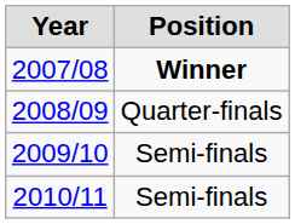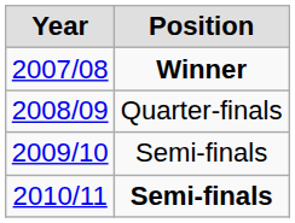 <table class="wikitable">
 <tr style="text-align:center; background:#dfdfdf;">
 <td><strong>Year</strong></td>
 <td><strong>Position</strong></td>
 </tr>
 <tr style="text-align:center;">
 <td><a href='#'>2007/08</a></td>
 <td><strong>Winner</strong></td>
 </tr>
 <tr style="text-align:center;">
 <td><a href='#'>2008/09</a></td>
 <td>Quarter-finals</td>
 </tr>
 <tr style="text-align:center;">
 <td><a href='#'>2009/10</a></td>
 <td>Semi-finals</td>
 </tr>
 <tr style="text-align:center;">
 <td><a href='#'>2010/11</a></td>
-<td>Semi-finals</td>
+<td><strong>Semi-finals</strong></td>
 </tr>
 </table>
